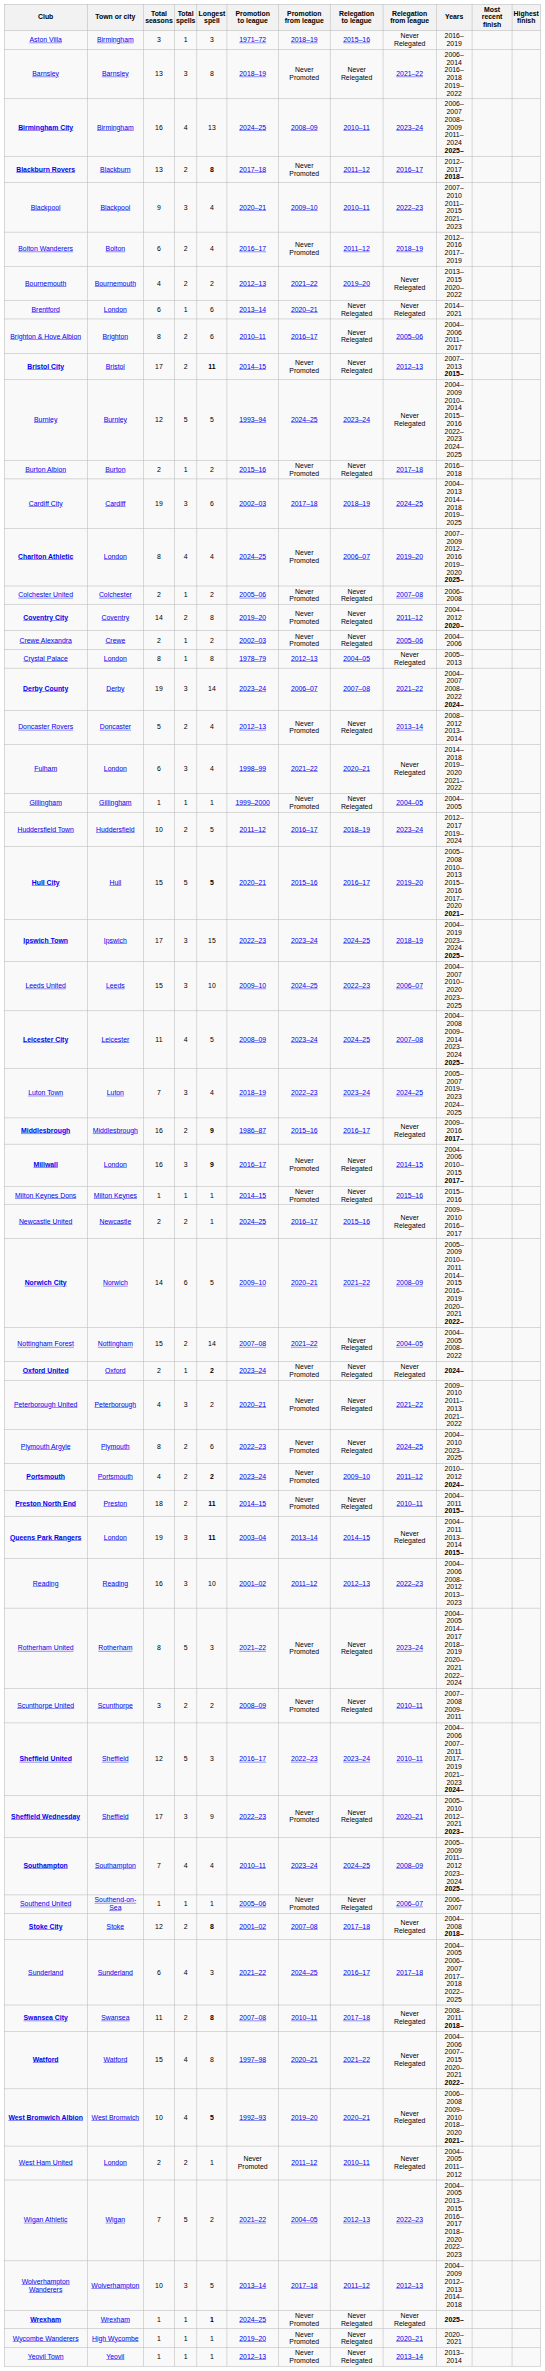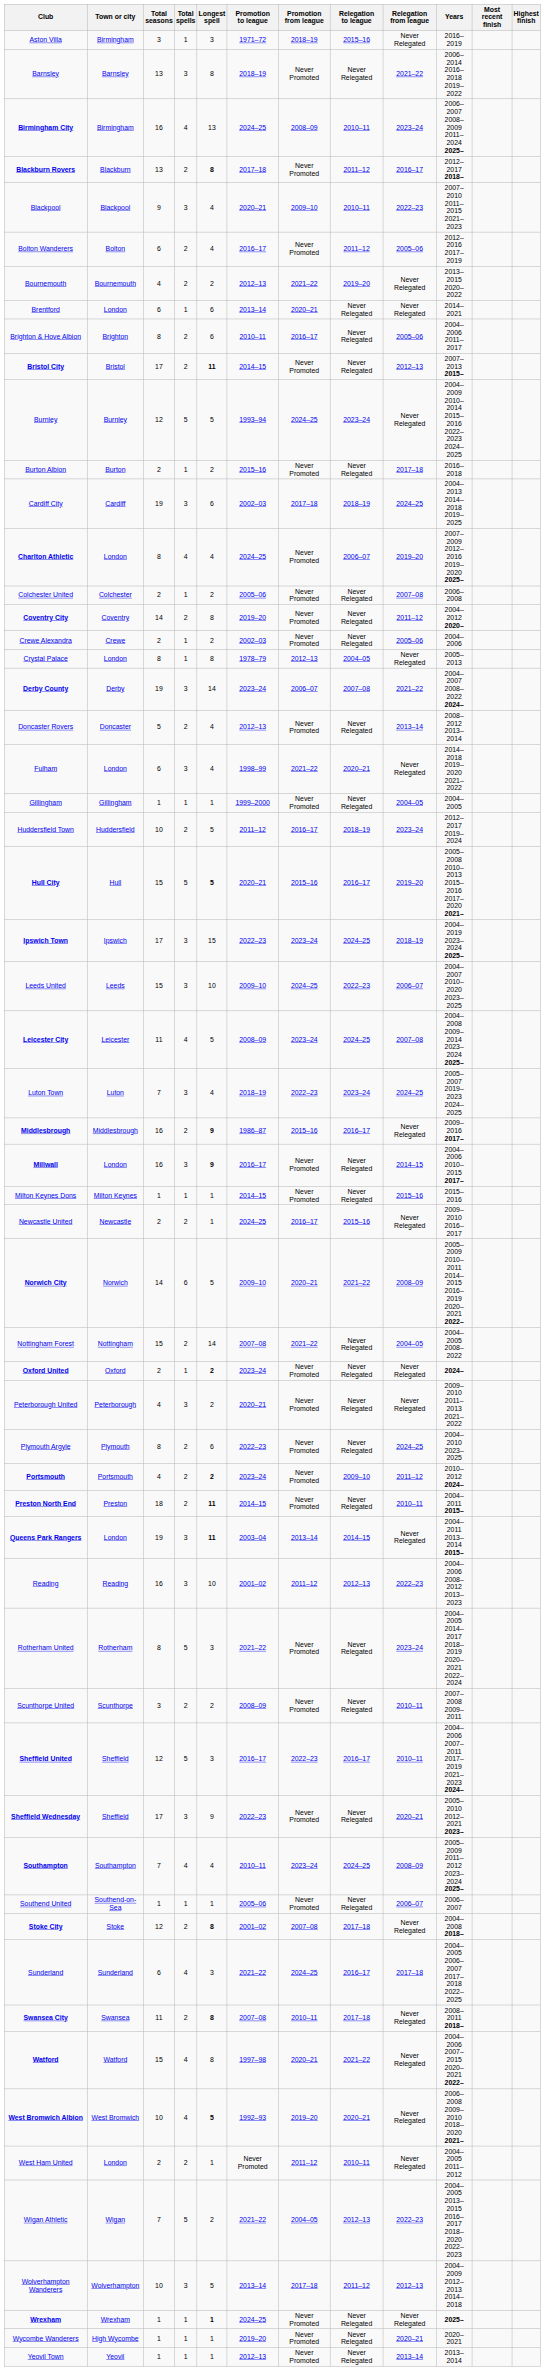 <table class="wikitable sortable" style="text-align:center; font-size:100%;">
 <tr>
 <th>Club</th>
 <th>Town or city</th>
 <th>Total<br>seasons</th>
 <th>Total<br>spells</th>
 <th>Longest<br>spell</th>
 <th>Promotion<br>to league</th>
 <th>Promotion<br>from league</th>
 <th>Relegation<br>to league</th>
 <th>Relegation<br>from league</th>
 <th>Years</th>
 <th>Most recent<br>finish</th>
 <th>Highest<br>finish</th>
 </tr>
 <tr>
 <td><a href='#'>Aston Villa</a></td>
 <td><a href='#'>Birmingham</a></td>
 <td>3</td>
 <td>1</td>
 <td>3</td>
 <td><a href='#'>1971–72</a></td>
 <td><a href='#'>2018–19</a></td>
 <td><a href='#'>2015–16</a></td>
 <td>Never Relegated</td>
 <td>2016–2019</td>
 <td></td>
 <td></td>
 </tr>
 <tr>
 <td><a href='#'>Barnsley</a></td>
 <td><a href='#'>Barnsley</a></td>
 <td>13</td>
 <td>3</td>
 <td>8</td>
 <td><a href='#'>2018–19</a></td>
 <td>Never Promoted</td>
 <td>Never Relegated</td>
 <td><a href='#'>2021–22</a></td>
 <td>2006–2014<br>2016–2018<br>2019–2022</td>
 <td></td>
 <td></td>
 </tr>
 <tr>
 <td><strong><a href='#'>Birmingham City</a></strong></td>
 <td><a href='#'>Birmingham</a></td>
 <td>16</td>
 <td>4</td>
 <td>13</td>
 <td><a href='#'>2024–25</a></td>
 <td><a href='#'>2008–09</a></td>
 <td><a href='#'>2010–11</a></td>
 <td><a href='#'>2023–24</a></td>
 <td>2006–2007<br>2008–2009<br>2011–2024<br><strong>2025–</strong></td>
 <td></td>
 <td></td>
 </tr>
 <tr>
 <td><strong><a href='#'>Blackburn Rovers</a></strong></td>
 <td><a href='#'>Blackburn</a></td>
 <td>13</td>
 <td>2</td>
 <td><strong>8</strong></td>
 <td><a href='#'>2017–18</a></td>
 <td>Never Promoted</td>
 <td><a href='#'>2011–12</a></td>
 <td><a href='#'>2016–17</a></td>
 <td>2012–2017<br><strong>2018–</strong></td>
 <td></td>
 <td></td>
 </tr>
 <tr>
 <td><a href='#'>Blackpool</a></td>
 <td><a href='#'>Blackpool</a></td>
 <td>9</td>
 <td>3</td>
 <td>4</td>
 <td><a href='#'>2020–21</a></td>
 <td><a href='#'>2009–10</a></td>
 <td><a href='#'>2010–11</a></td>
 <td><a href='#'>2022–23</a></td>
 <td>2007–2010<br>2011–2015<br>2021–2023</td>
 <td></td>
 <td></td>
 </tr>
 <tr>
 <td><a href='#'>Bolton Wanderers</a></td>
 <td><a href='#'>Bolton</a></td>
 <td>6</td>
 <td>2</td>
 <td>4</td>
 <td><a href='#'>2016–17</a></td>
 <td>Never Promoted</td>
 <td><a href='#'>2011–12</a></td>
-<td><a href='#'>2018–19</a></td>
+<td><a href='#'>2005–06</a></td>
 <td>2012–2016<br>2017–2019</td>
 <td></td>
 <td></td>
 </tr>
 <tr>
 <td><a href='#'>Bournemouth</a></td>
 <td><a href='#'>Bournemouth</a></td>
 <td>4</td>
 <td>2</td>
 <td>2</td>
 <td><a href='#'>2012–13</a></td>
 <td><a href='#'>2021–22</a></td>
 <td><a href='#'>2019–20</a></td>
 <td>Never Relegated</td>
 <td>2013–2015<br>2020–2022</td>
 <td></td>
 <td></td>
 </tr>
 <tr>
 <td><a href='#'>Brentford</a></td>
 <td><a href='#'>London</a></td>
 <td>6</td>
 <td>1</td>
 <td>6</td>
 <td><a href='#'>2013–14</a></td>
 <td><a href='#'>2020–21</a></td>
 <td>Never Relegated</td>
 <td>Never Relegated</td>
 <td>2014–2021</td>
 <td></td>
 <td></td>
 </tr>
 <tr>
 <td><a href='#'>Brighton & Hove Albion</a></td>
 <td><a href='#'>Brighton</a></td>
 <td>8</td>
 <td>2</td>
 <td>6</td>
 <td><a href='#'>2010–11</a></td>
 <td><a href='#'>2016–17</a></td>
 <td>Never Relegated</td>
 <td><a href='#'>2005–06</a></td>
 <td>2004–2006<br>2011–2017</td>
 <td></td>
 <td></td>
 </tr>
 <tr>
 <td><strong><a href='#'>Bristol City</a></strong></td>
 <td><a href='#'>Bristol</a></td>
 <td>17</td>
 <td>2</td>
 <td><strong>11</strong></td>
 <td><a href='#'>2014–15</a></td>
 <td>Never Promoted</td>
 <td>Never Relegated</td>
 <td><a href='#'>2012–13</a></td>
 <td>2007–2013<br><strong>2015–</strong></td>
 <td></td>
 <td></td>
 </tr>
 <tr>
 <td><a href='#'>Burnley</a></td>
 <td><a href='#'>Burnley</a></td>
 <td>12</td>
 <td>5</td>
 <td>5</td>
 <td><a href='#'>1993–94</a></td>
 <td><a href='#'>2024–25</a></td>
 <td><a href='#'>2023–24</a></td>
 <td>Never Relegated</td>
 <td>2004–2009<br>2010–2014<br>2015–2016<br>2022–2023<br>2024–2025</td>
 <td></td>
 <td></td>
 </tr>
 <tr>
 <td><a href='#'>Burton Albion</a></td>
 <td><a href='#'>Burton</a></td>
 <td>2</td>
 <td>1</td>
 <td>2</td>
 <td><a href='#'>2015–16</a></td>
 <td>Never Promoted</td>
 <td>Never Relegated</td>
 <td><a href='#'>2017–18</a></td>
 <td>2016–2018</td>
 <td></td>
 <td></td>
 </tr>
 <tr>
 <td><a href='#'>Cardiff City</a></td>
 <td><a href='#'>Cardiff</a></td>
 <td>19</td>
 <td>3</td>
 <td>6</td>
 <td><a href='#'>2002–03</a></td>
 <td><a href='#'>2017–18</a></td>
 <td><a href='#'>2018–19</a></td>
 <td><a href='#'>2024–25</a></td>
 <td>2004–2013<br>2014–2018<br>2019–2025</td>
 <td></td>
 <td></td>
 </tr>
 <tr>
 <td><strong><a href='#'>Charlton Athletic</a></strong></td>
 <td><a href='#'>London</a></td>
 <td>8</td>
 <td>4</td>
 <td>4</td>
 <td><a href='#'>2024–25</a></td>
 <td>Never Promoted</td>
 <td><a href='#'>2006–07</a></td>
 <td><a href='#'>2019–20</a></td>
 <td>2007–2009<br>2012–2016<br>2019–2020<br><strong>2025–</strong></td>
 <td></td>
 <td></td>
 </tr>
 <tr>
 <td><a href='#'>Colchester United</a></td>
 <td><a href='#'>Colchester</a></td>
 <td>2</td>
 <td>1</td>
 <td>2</td>
 <td><a href='#'>2005–06</a></td>
 <td>Never Promoted</td>
 <td>Never Relegated</td>
 <td><a href='#'>2007–08</a></td>
 <td>2006–2008</td>
 <td></td>
 <td></td>
 </tr>
 <tr>
 <td><strong><a href='#'>Coventry City</a></strong></td>
 <td><a href='#'>Coventry</a></td>
 <td>14</td>
 <td>2</td>
 <td>8</td>
 <td><a href='#'>2019–20</a></td>
 <td>Never Promoted</td>
 <td>Never Relegated</td>
 <td><a href='#'>2011–12</a></td>
 <td>2004–2012<br><strong>2020–</strong></td>
 <td></td>
 <td></td>
 </tr>
 <tr>
 <td><a href='#'>Crewe Alexandra</a></td>
 <td><a href='#'>Crewe</a></td>
 <td>2</td>
 <td>1</td>
 <td>2</td>
 <td><a href='#'>2002–03</a></td>
 <td>Never Promoted</td>
 <td>Never Relegated</td>
 <td><a href='#'>2005–06</a></td>
 <td>2004–2006</td>
 <td></td>
 <td></td>
 </tr>
 <tr>
 <td><a href='#'>Crystal Palace</a></td>
 <td><a href='#'>London</a></td>
 <td>8</td>
 <td>1</td>
 <td>8</td>
 <td><a href='#'>1978–79</a></td>
 <td><a href='#'>2012–13</a></td>
 <td><a href='#'>2004–05</a></td>
 <td>Never Relegated</td>
 <td>2005–2013</td>
 <td></td>
 <td></td>
 </tr>
 <tr>
 <td><strong><a href='#'>Derby County</a></strong></td>
 <td><a href='#'>Derby</a></td>
 <td>19</td>
 <td>3</td>
 <td>14</td>
 <td><a href='#'>2023–24</a></td>
 <td><a href='#'>2006–07</a></td>
 <td><a href='#'>2007–08</a></td>
 <td><a href='#'>2021–22</a></td>
 <td>2004–2007<br>2008–2022<br><strong>2024–</strong></td>
 <td></td>
 <td></td>
 </tr>
 <tr>
 <td><a href='#'>Doncaster Rovers</a></td>
 <td><a href='#'>Doncaster</a></td>
 <td>5</td>
 <td>2</td>
 <td>4</td>
 <td><a href='#'>2012–13</a></td>
 <td>Never Promoted</td>
 <td>Never Relegated</td>
 <td><a href='#'>2013–14</a></td>
 <td>2008–2012<br>2013–2014</td>
 <td></td>
 <td></td>
 </tr>
 <tr>
 <td><a href='#'>Fulham</a></td>
 <td><a href='#'>London</a></td>
 <td>6</td>
 <td>3</td>
 <td>4</td>
 <td><a href='#'>1998–99</a></td>
 <td><a href='#'>2021–22</a></td>
 <td><a href='#'>2020–21</a></td>
 <td>Never Relegated</td>
 <td>2014–2018<br>2019–2020<br>2021–2022</td>
 <td></td>
 <td></td>
 </tr>
 <tr>
 <td><a href='#'>Gillingham</a></td>
 <td><a href='#'>Gillingham</a></td>
 <td>1</td>
 <td>1</td>
 <td>1</td>
 <td><a href='#'>1999–2000</a></td>
 <td>Never Promoted</td>
 <td>Never Relegated</td>
 <td><a href='#'>2004–05</a></td>
 <td>2004–2005</td>
 <td></td>
 <td></td>
 </tr>
 <tr>
 <td><a href='#'>Huddersfield Town</a></td>
 <td><a href='#'>Huddersfield</a></td>
 <td>10</td>
 <td>2</td>
 <td>5</td>
 <td><a href='#'>2011–12</a></td>
 <td><a href='#'>2016–17</a></td>
 <td><a href='#'>2018–19</a></td>
 <td><a href='#'>2023–24</a></td>
 <td>2012–2017<br>2019–2024</td>
 <td></td>
 <td></td>
 </tr>
 <tr>
 <td><strong><a href='#'>Hull City</a></strong></td>
 <td><a href='#'>Hull</a></td>
 <td>15</td>
 <td>5</td>
 <td><strong>5</strong></td>
 <td><a href='#'>2020–21</a></td>
 <td><a href='#'>2015–16</a></td>
 <td><a href='#'>2016–17</a></td>
 <td><a href='#'>2019–20</a></td>
 <td>2005–2008<br>2010–2013<br>2015–2016<br>2017–2020<br><strong>2021–</strong></td>
 <td></td>
 <td></td>
 </tr>
 <tr>
 <td><strong><a href='#'>Ipswich Town</a></strong></td>
 <td><a href='#'>Ipswich</a></td>
 <td>17</td>
 <td>3</td>
 <td>15</td>
 <td><a href='#'>2022–23</a></td>
 <td><a href='#'>2023–24</a></td>
 <td><a href='#'>2024–25</a></td>
 <td><a href='#'>2018–19</a></td>
 <td>2004–2019<br>2023–2024<br><strong>2025–</strong></td>
 <td></td>
 <td></td>
 </tr>
 <tr>
 <td><a href='#'>Leeds United</a></td>
 <td><a href='#'>Leeds</a></td>
 <td>15</td>
 <td>3</td>
 <td>10</td>
 <td><a href='#'>2009–10</a></td>
 <td><a href='#'>2024–25</a></td>
 <td><a href='#'>2022–23</a></td>
 <td><a href='#'>2006–07</a></td>
 <td>2004–2007<br>2010–2020<br>2023–2025</td>
 <td></td>
 <td></td>
 </tr>
 <tr>
 <td><strong><a href='#'>Leicester City</a></strong></td>
 <td><a href='#'>Leicester</a></td>
 <td>11</td>
 <td>4</td>
 <td>5</td>
 <td><a href='#'>2008–09</a></td>
 <td><a href='#'>2023–24</a></td>
 <td><a href='#'>2024–25</a></td>
 <td><a href='#'>2007–08</a></td>
 <td>2004–2008<br>2009–2014<br>2023–2024<br><strong>2025–</strong></td>
 <td></td>
 <td></td>
 </tr>
 <tr>
 <td><a href='#'>Luton Town</a></td>
 <td><a href='#'>Luton</a></td>
 <td>7</td>
 <td>3</td>
 <td>4</td>
 <td><a href='#'>2018–19</a></td>
 <td><a href='#'>2022–23</a></td>
 <td><a href='#'>2023–24</a></td>
 <td><a href='#'>2024–25</a></td>
 <td>2005–2007<br>2019–2023<br>2024–2025</td>
 <td></td>
 <td></td>
 </tr>
 <tr>
 <td><strong><a href='#'>Middlesbrough</a></strong></td>
 <td><a href='#'>Middlesbrough</a></td>
 <td>16</td>
 <td>2</td>
 <td><strong>9</strong></td>
 <td><a href='#'>1986–87</a></td>
 <td><a href='#'>2015–16</a></td>
 <td><a href='#'>2016–17</a></td>
 <td>Never Relegated</td>
 <td>2009–2016<br><strong>2017–</strong></td>
 <td></td>
 <td></td>
 </tr>
 <tr>
 <td><strong><a href='#'>Millwall</a></strong></td>
 <td><a href='#'>London</a></td>
 <td>16</td>
 <td>3</td>
 <td><strong>9</strong></td>
 <td><a href='#'>2016–17</a></td>
 <td>Never Promoted</td>
 <td>Never Relegated</td>
 <td><a href='#'>2014–15</a></td>
 <td>2004–2006<br>2010–2015<br><strong>2017–</strong></td>
 <td></td>
 <td></td>
 </tr>
 <tr>
 <td><a href='#'>Milton Keynes Dons</a></td>
 <td><a href='#'>Milton Keynes</a></td>
 <td>1</td>
 <td>1</td>
 <td>1</td>
 <td><a href='#'>2014–15</a></td>
 <td>Never Promoted</td>
 <td>Never Relegated</td>
 <td><a href='#'>2015–16</a></td>
 <td>2015–2016</td>
 <td></td>
 <td></td>
 </tr>
 <tr>
 <td><a href='#'>Newcastle United</a></td>
 <td><a href='#'>Newcastle</a></td>
 <td>2</td>
 <td>2</td>
 <td>1</td>
 <td><a href='#'>2024–25</a></td>
 <td><a href='#'>2016–17</a></td>
 <td><a href='#'>2015–16</a></td>
 <td>Never Relegated</td>
 <td>2009–2010<br>2016–2017</td>
 <td></td>
 <td></td>
 </tr>
 <tr>
 <td><strong><a href='#'>Norwich City</a></strong></td>
 <td><a href='#'>Norwich</a></td>
 <td>14</td>
 <td>6</td>
 <td>5</td>
 <td><a href='#'>2009–10</a></td>
 <td><a href='#'>2020–21</a></td>
 <td><a href='#'>2021–22</a></td>
 <td><a href='#'>2008–09</a></td>
 <td>2005–2009<br>2010–2011<br>2014–2015<br>2016–2019<br>2020–2021<br><strong>2022–</strong></td>
 <td></td>
 <td></td>
 </tr>
 <tr>
 <td><a href='#'>Nottingham Forest</a></td>
 <td><a href='#'>Nottingham</a></td>
 <td>15</td>
 <td>2</td>
 <td>14</td>
 <td><a href='#'>2007–08</a></td>
 <td><a href='#'>2021–22</a></td>
 <td>Never Relegated</td>
 <td><a href='#'>2004–05</a></td>
 <td>2004–2005<br>2008–2022</td>
 <td></td>
 <td></td>
 </tr>
 <tr>
 <td><strong><a href='#'>Oxford United</a></strong></td>
 <td><a href='#'>Oxford</a></td>
 <td>2</td>
 <td>1</td>
 <td><strong>2</strong></td>
 <td><a href='#'>2023–24</a></td>
 <td>Never Promoted</td>
 <td>Never Relegated</td>
 <td>Never Relegated</td>
 <td><strong>2024–</strong></td>
 <td></td>
 <td></td>
 </tr>
 <tr>
 <td><a href='#'>Peterborough United</a></td>
 <td><a href='#'>Peterborough</a></td>
 <td>4</td>
 <td>3</td>
 <td>2</td>
 <td><a href='#'>2020–21</a></td>
 <td>Never Promoted</td>
 <td>Never Relegated</td>
-<td><a href='#'>2021–22</a></td>
+<td>Never Relegated</td>
 <td>2009–2010<br>2011–2013<br>2021–2022</td>
 <td></td>
 <td></td>
 </tr>
 <tr>
 <td><a href='#'>Plymouth Argyle</a></td>
 <td><a href='#'>Plymouth</a></td>
 <td>8</td>
 <td>2</td>
 <td>6</td>
 <td><a href='#'>2022–23</a></td>
 <td>Never Promoted</td>
 <td>Never Relegated</td>
 <td><a href='#'>2024–25</a></td>
 <td>2004–2010<br>2023–2025</td>
 <td></td>
 <td></td>
 </tr>
 <tr>
 <td><strong><a href='#'>Portsmouth</a></strong></td>
 <td><a href='#'>Portsmouth</a></td>
 <td>4</td>
 <td>2</td>
 <td><strong>2</strong></td>
 <td><a href='#'>2023–24</a></td>
 <td>Never Promoted</td>
 <td><a href='#'>2009–10</a></td>
 <td><a href='#'>2011–12</a></td>
 <td>2010–2012<br><strong>2024–</strong></td>
 <td></td>
 <td></td>
 </tr>
 <tr>
 <td><strong><a href='#'>Preston North End</a></strong></td>
 <td><a href='#'>Preston</a></td>
 <td>18</td>
 <td>2</td>
 <td><strong>11</strong></td>
 <td><a href='#'>2014–15</a></td>
 <td>Never Promoted</td>
 <td>Never Relegated</td>
 <td><a href='#'>2010–11</a></td>
 <td>2004–2011<br><strong>2015–</strong></td>
 <td></td>
 <td></td>
 </tr>
 <tr>
 <td><strong><a href='#'>Queens Park Rangers</a></strong></td>
 <td><a href='#'>London</a></td>
 <td>19</td>
 <td>3</td>
 <td><strong>11</strong></td>
 <td><a href='#'>2003–04</a></td>
 <td><a href='#'>2013–14</a></td>
 <td><a href='#'>2014–15</a></td>
 <td>Never Relegated</td>
 <td>2004–2011<br>2013–2014<br><strong>2015–</strong></td>
 <td></td>
 <td></td>
 </tr>
 <tr>
 <td><a href='#'>Reading</a></td>
 <td><a href='#'>Reading</a></td>
 <td>16</td>
 <td>3</td>
 <td>10</td>
 <td><a href='#'>2001–02</a></td>
 <td><a href='#'>2011–12</a></td>
 <td><a href='#'>2012–13</a></td>
 <td><a href='#'>2022–23</a></td>
 <td>2004–2006<br>2008–2012<br>2013–2023</td>
 <td></td>
 <td></td>
 </tr>
 <tr>
 <td><a href='#'>Rotherham United</a></td>
 <td><a href='#'>Rotherham</a></td>
 <td>8</td>
 <td>5</td>
 <td>3</td>
 <td><a href='#'>2021–22</a></td>
 <td>Never Promoted</td>
 <td>Never Relegated</td>
 <td><a href='#'>2023–24</a></td>
 <td>2004–2005<br>2014–2017<br>2018–2019<br>2020–2021<br>2022–2024</td>
 <td></td>
 <td></td>
 </tr>
 <tr>
 <td><a href='#'>Scunthorpe United</a></td>
 <td><a href='#'>Scunthorpe</a></td>
 <td>3</td>
 <td>2</td>
 <td>2</td>
 <td><a href='#'>2008–09</a></td>
 <td>Never Promoted</td>
 <td>Never Relegated</td>
 <td><a href='#'>2010–11</a></td>
 <td>2007–2008<br>2009–2011</td>
 <td></td>
 <td></td>
 </tr>
 <tr>
 <td><strong><a href='#'>Sheffield United</a></strong></td>
 <td><a href='#'>Sheffield</a></td>
 <td>12</td>
 <td>5</td>
 <td>3</td>
 <td><a href='#'>2016–17</a></td>
 <td><a href='#'>2022–23</a></td>
-<td><a href='#'>2023–24</a></td>
+<td><a href='#'>2016–17</a></td>
 <td><a href='#'>2010–11</a></td>
 <td>2004–2006<br>2007–2011<br>2017–2019<br>2021–2023<br><strong>2024–</strong></td>
 <td></td>
 <td></td>
 </tr>
 <tr>
 <td><strong><a href='#'>Sheffield Wednesday</a></strong></td>
 <td><a href='#'>Sheffield</a></td>
 <td>17</td>
 <td>3</td>
 <td>9</td>
 <td><a href='#'>2022–23</a></td>
 <td>Never Promoted</td>
 <td>Never Relegated</td>
 <td><a href='#'>2020–21</a></td>
 <td>2005–2010<br>2012–2021<br><strong>2023–</strong></td>
 <td></td>
 <td></td>
 </tr>
 <tr>
 <td><strong><a href='#'>Southampton</a></strong></td>
 <td><a href='#'>Southampton</a></td>
 <td>7</td>
 <td>4</td>
 <td>4</td>
 <td><a href='#'>2010–11</a></td>
 <td><a href='#'>2023–24</a></td>
 <td><a href='#'>2024–25</a></td>
 <td><a href='#'>2008–09</a></td>
 <td>2005–2009<br>2011–2012<br>2023–2024<br><strong>2025–</strong></td>
 <td></td>
 <td></td>
 </tr>
 <tr>
 <td><a href='#'>Southend United</a></td>
 <td><a href='#'>Southend-on-Sea</a></td>
 <td>1</td>
 <td>1</td>
 <td>1</td>
 <td><a href='#'>2005–06</a></td>
 <td>Never Promoted</td>
 <td>Never Relegated</td>
 <td><a href='#'>2006–07</a></td>
 <td>2006–2007</td>
 <td></td>
 <td></td>
 </tr>
 <tr>
 <td><strong><a href='#'>Stoke City</a></strong></td>
 <td><a href='#'>Stoke</a></td>
 <td>12</td>
 <td>2</td>
 <td><strong>8</strong></td>
 <td><a href='#'>2001–02</a></td>
 <td><a href='#'>2007–08</a></td>
 <td><a href='#'>2017–18</a></td>
 <td>Never Relegated</td>
 <td>2004–2008<br><strong>2018–</strong></td>
 <td></td>
 <td></td>
 </tr>
 <tr>
 <td><a href='#'>Sunderland</a></td>
 <td><a href='#'>Sunderland</a></td>
 <td>6</td>
 <td>4</td>
 <td>3</td>
 <td><a href='#'>2021–22</a></td>
 <td><a href='#'>2024–25</a></td>
 <td><a href='#'>2016–17</a></td>
 <td><a href='#'>2017–18</a></td>
 <td>2004–2005<br>2006–2007<br>2017–2018<br>2022–2025</td>
 <td></td>
 <td></td>
 </tr>
 <tr>
 <td><strong><a href='#'>Swansea City</a></strong></td>
 <td><a href='#'>Swansea</a></td>
 <td>11</td>
 <td>2</td>
 <td><strong>8</strong></td>
 <td><a href='#'>2007–08</a></td>
 <td><a href='#'>2010–11</a></td>
 <td><a href='#'>2017–18</a></td>
 <td>Never Relegated</td>
 <td>2008–2011<br><strong>2018–</strong></td>
 <td></td>
 <td></td>
 </tr>
 <tr>
 <td><strong><a href='#'>Watford</a></strong></td>
 <td><a href='#'>Watford</a></td>
 <td>15</td>
 <td>4</td>
 <td>8</td>
 <td><a href='#'>1997–98</a></td>
 <td><a href='#'>2020–21</a></td>
 <td><a href='#'>2021–22</a></td>
 <td>Never Relegated</td>
 <td>2004–2006<br>2007–2015<br>2020–2021<br><strong>2022–</strong></td>
 <td></td>
 <td></td>
 </tr>
 <tr>
 <td><strong><a href='#'>West Bromwich Albion</a></strong></td>
 <td><a href='#'>West Bromwich</a></td>
 <td>10</td>
 <td>4</td>
 <td><strong>5</strong></td>
 <td><a href='#'>1992–93</a></td>
 <td><a href='#'>2019–20</a></td>
 <td><a href='#'>2020–21</a></td>
 <td>Never Relegated</td>
 <td>2006–2008<br>2009–2010<br>2018–2020<br><strong>2021–</strong></td>
 <td></td>
 <td></td>
 </tr>
 <tr>
 <td><a href='#'>West Ham United</a></td>
 <td><a href='#'>London</a></td>
 <td>2</td>
 <td>2</td>
 <td>1</td>
 <td>Never Promoted</td>
 <td><a href='#'>2011–12</a></td>
 <td><a href='#'>2010–11</a></td>
 <td>Never Relegated</td>
 <td>2004–2005<br>2011–2012</td>
 <td></td>
 <td></td>
 </tr>
 <tr>
 <td><a href='#'>Wigan Athletic</a></td>
 <td><a href='#'>Wigan</a></td>
 <td>7</td>
 <td>5</td>
 <td>2</td>
 <td><a href='#'>2021–22</a></td>
 <td><a href='#'>2004–05</a></td>
 <td><a href='#'>2012–13</a></td>
 <td><a href='#'>2022–23</a></td>
 <td>2004–2005<br>2013–2015<br>2016–2017<br>2018–2020<br>2022–2023</td>
 <td></td>
 <td></td>
 </tr>
 <tr>
 <td><a href='#'>Wolverhampton Wanderers</a></td>
 <td><a href='#'>Wolverhampton</a></td>
 <td>10</td>
 <td>3</td>
 <td>5</td>
 <td><a href='#'>2013–14</a></td>
 <td><a href='#'>2017–18</a></td>
 <td><a href='#'>2011–12</a></td>
 <td><a href='#'>2012–13</a></td>
 <td>2004–2009<br>2012–2013<br>2014–2018</td>
 <td></td>
 <td></td>
 </tr>
 <tr>
 <td><strong><a href='#'>Wrexham</a></strong></td>
 <td><a href='#'>Wrexham</a></td>
 <td>1</td>
 <td>1</td>
 <td><strong>1</strong></td>
 <td><a href='#'>2024–25</a></td>
 <td>Never Promoted</td>
 <td>Never Relegated</td>
 <td>Never Relegated</td>
 <td><strong>2025–</strong></td>
 <td></td>
 <td></td>
 </tr>
 <tr>
 <td><a href='#'>Wycombe Wanderers</a></td>
 <td><a href='#'>High Wycombe</a></td>
 <td>1</td>
 <td>1</td>
 <td>1</td>
 <td><a href='#'>2019–20</a></td>
 <td>Never Promoted</td>
 <td>Never Relegated</td>
 <td><a href='#'>2020–21</a></td>
 <td>2020–2021</td>
 <td></td>
 <td></td>
 </tr>
 <tr>
 <td><a href='#'>Yeovil Town</a></td>
 <td><a href='#'>Yeovil</a></td>
 <td>1</td>
 <td>1</td>
 <td>1</td>
 <td><a href='#'>2012–13</a></td>
 <td>Never Promoted</td>
 <td>Never Relegated</td>
 <td><a href='#'>2013–14</a></td>
 <td>2013–2014</td>
 <td></td>
 <td></td>
 </tr>
 </table>
